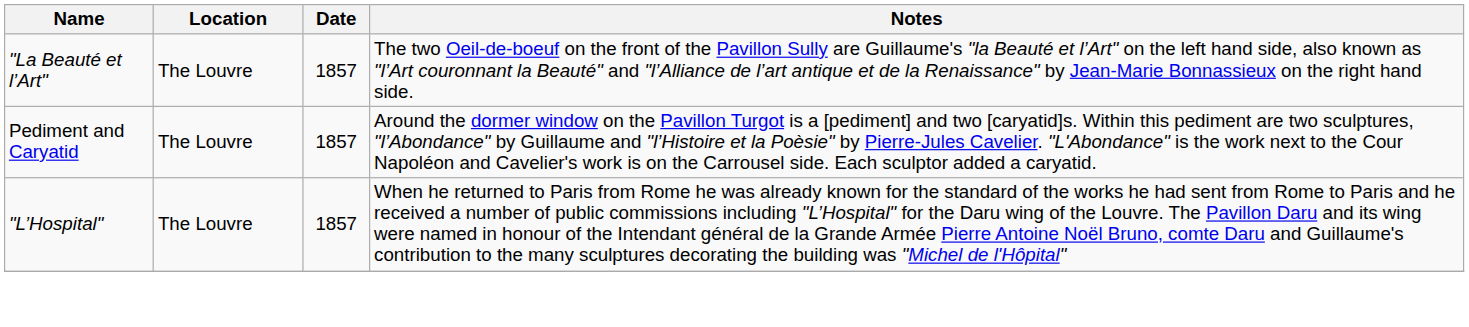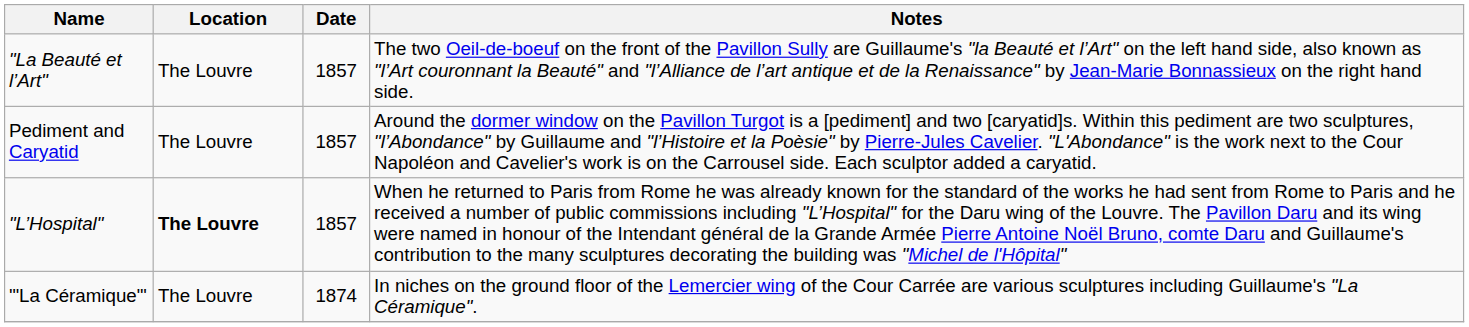 <table class="wikitable sortable plainrowheaders">
 <tr>
 <th style="width:120px">Name</th>
 <th style="width:120px">Location</th>
 <th style="width:50px">Date</th>
 <th class="unsortable">Notes</th>
 </tr>
 <tr>
 <td><em>"La Beauté et l’Art"</em></td>
 <td>The Louvre</td>
 <td align="center">1857</td>
 <td>The two <a href='#'>Oeil-de-boeuf</a> on the front of the <a href='#'>Pavillon Sully</a> are Guillaume's <em>"la Beauté et l’Art"</em> on the left hand side, also known as <em>"l’Art couronnant la Beauté"</em> and <em>"l’Alliance de l’art antique et de la Renaissance"</em> by <a href='#'>Jean-Marie Bonnassieux</a> on the right hand side.<br> </td>
 </tr>
 <tr>
 <td>Pediment and <a href='#'>Caryatid</a></td>
 <td>The Louvre</td>
 <td align="center">1857</td>
 <td>Around the <a href='#'>dormer window</a> on the <a href='#'>Pavillon Turgot</a> is a [pediment] and two [caryatid]s.  Within this pediment are two sculptures, <em>"l’Abondance"</em> by Guillaume and <em>"l’Histoire et la Poèsie"</em> by <a href='#'>Pierre-Jules Cavelier</a>. <em>"L'Abondance"</em> is the work next to the Cour Napoléon and Cavelier's work is on the Carrousel side. Each sculptor added a caryatid.<br>  </td>
 </tr>
 <tr>
 <td><em>"L’Hospital"</em></td>
-<td>The Louvre</td>
+<td><strong>The Louvre</strong></td>
 <td align=" center">1857</td>
 <td>When he returned to Paris from Rome he was already known for the standard of the works he had sent from Rome to Paris and he received a number of public commissions including <em>"L’Hospital"</em> for the Daru wing of the Louvre.  The <a href='#'>Pavillon Daru</a> and its wing were named in honour of the Intendant général de la Grande Armée <a href='#'>Pierre Antoine Noël Bruno, comte Daru</a> and Guillaume's contribution to the many sculptures decorating the building was <em>"<a href='#'>Michel de l'Hôpital</a>"</em><br> </td>
 </tr>
 <tr>
+<td>'"La Céramique"'</td>
+<td>The Louvre</td>
+<td align="center">1874</td>
+<td>In niches on the ground floor of the <a href='#'>Lemercier wing</a> of the Cour Carrée are various sculptures including Guillaume's <em>"La Céramique"</em>.<br> </td>
+</tr>
+<tr>
 </tr>
 </table>
